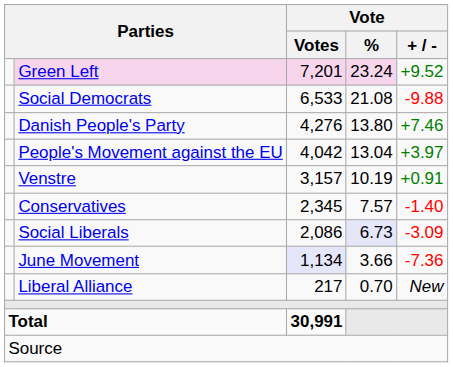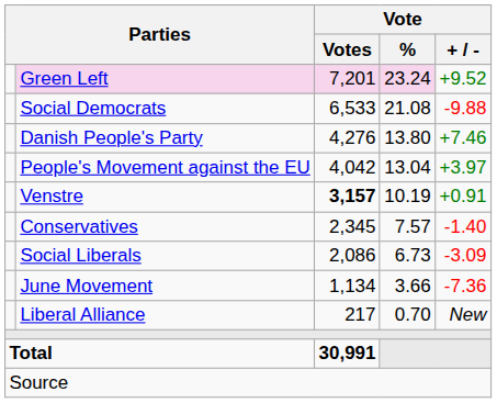 <table class="wikitable" style="text-align:right;">
 <tr>
 <th style="text-align:centre;" rowspan="2" colspan="2" width="225">Parties</th>
 <th colspan="3">Vote</th>
 </tr>
 <tr>
 <th width="15">Votes</th>
 <th width="15">%</th>
 <th width="15">+ / -</th>
 </tr>
 <tr>
 <td width="2" style="color:inherit;background:"></td>
 <td bgcolor=#f7d5ed   align="left"><a href='#'>Green Left</a></td>
 <td bgcolor=#f7d5ed>7,201</td>
 <td bgcolor=#f7d5ed>23.24</td>
 <td style=color:green;>+9.52</td>
 </tr>
 <tr>
 <td width="2" style="color:inherit;background:"></td>
 <td align="left"><a href='#'>Social Democrats</a></td>
 <td>6,533</td>
 <td>21.08</td>
 <td style=color:red;>-9.88</td>
 </tr>
 <tr>
 <td width="2" style="color:inherit;background:"></td>
 <td align="left"><a href='#'>Danish People's Party</a></td>
 <td>4,276</td>
 <td>13.80</td>
 <td style=color:green;>+7.46</td>
 </tr>
 <tr>
 <td width="2" style="color:inherit;background:"></td>
 <td align="left"><a href='#'>People's Movement against the EU</a></td>
 <td>4,042</td>
 <td>13.04</td>
 <td style=color:green;>+3.97</td>
 </tr>
 <tr>
 <td width="2" style="color:inherit;background:"></td>
 <td align="left"><a href='#'>Venstre</a></td>
-<td>3,157</td>
+<td><strong>3,157</strong></td>
 <td>10.19</td>
 <td style=color:green;>+0.91</td>
 </tr>
 <tr>
 <td width="2" style="color:inherit;background:"></td>
 <td align="left"><a href='#'>Conservatives</a></td>
 <td>2,345</td>
 <td>7.57</td>
 <td style=color:red;>-1.40</td>
 </tr>
 <tr>
 <td width="2" style="color:inherit;background:"></td>
 <td align="left"><a href='#'>Social Liberals</a></td>
 <td>2,086</td>
-<td style="background: lavender;">6.73</td>
+<td>6.73</td>
 <td style=color:red;>-3.09</td>
 </tr>
 <tr>
 <td width="2" style="color:inherit;background:"></td>
 <td align="left"><a href='#'>June Movement</a></td>
-<td style="background: lavender;">1,134</td>
+<td>1,134</td>
 <td>3.66</td>
 <td style=color:red;>-7.36</td>
 </tr>
 <tr>
 <td width="2" style="color:inherit;background:"></td>
 <td align="left"><a href='#'>Liberal Alliance</a></td>
 <td>217</td>
 <td>0.70</td>
 <td><em>New</em></td>
 </tr>
 <tr>
 <td colspan="7" bgcolor="#E9E9E9"></td>
 </tr>
 <tr>
 <td align="left" colspan="2"><strong>Total</strong></td>
 <td><strong>30,991</strong></td>
 <td bgcolor="#E9E9E9" colspan="2"></td>
 </tr>
 <tr>
 <td align="left" colspan="6">Source</td>
 </tr>
 </table>
